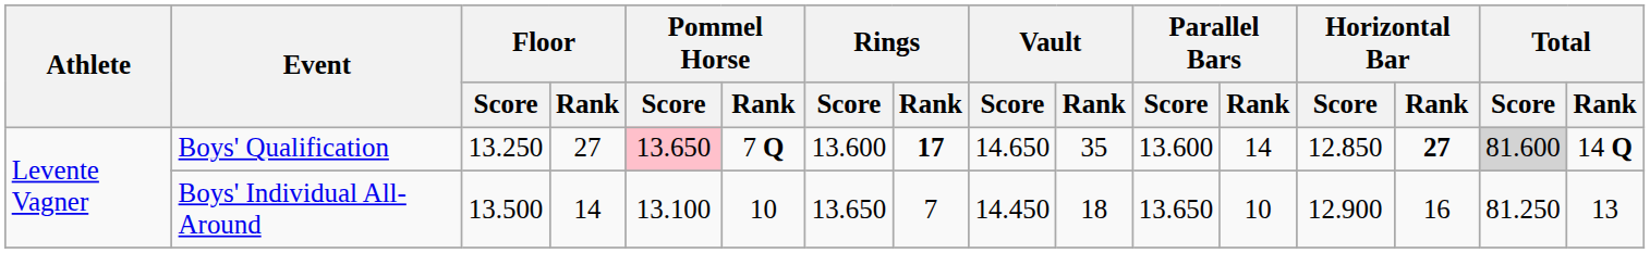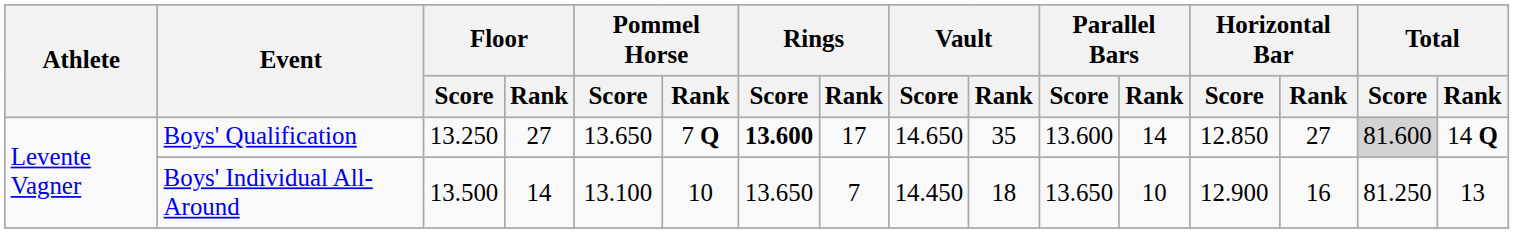 <table class="wikitable" border="1" style="font-size:90%">
 <tr>
 <th rowspan=2>Athlete</th>
 <th rowspan=2>Event</th>
 <th colspan=2>Floor</th>
 <th colspan=2>Pommel Horse</th>
 <th colspan=2>Rings</th>
 <th colspan=2>Vault</th>
 <th colspan=2>Parallel Bars</th>
 <th colspan=2>Horizontal Bar</th>
 <th colspan=2>Total</th>
 </tr>
 <tr>
 <th>Score</th>
 <th>Rank</th>
 <th>Score</th>
 <th>Rank</th>
 <th>Score</th>
 <th>Rank</th>
 <th>Score</th>
 <th>Rank</th>
 <th>Score</th>
 <th>Rank</th>
 <th>Score</th>
 <th>Rank</th>
 <th>Score</th>
 <th>Rank</th>
 </tr>
 <tr>
 <td rowspan=2><a href='#'>Levente Vagner</a></td>
 <td><a href='#'>Boys' Qualification</a></td>
 <td align=center>13.250</td>
 <td align=center>27</td>
-<td align=center style="background: pink;">13.650</td>
+<td align=center>13.650</td>
 <td align=center>7 <strong>Q</strong></td>
-<td align=center>13.600</td>
-<td align=center><strong>17</strong></td>
+<td align=center><strong>13.600</strong></td>
+<td align=center>17</td>
 <td align=center>14.650</td>
 <td align=center>35</td>
 <td align=center>13.600</td>
 <td align=center>14</td>
 <td align=center>12.850</td>
-<td align=center><strong>27</strong></td>
+<td align=center>27</td>
 <td align=center style="background: lightgrey;">81.600</td>
 <td align=center>14 <strong>Q</strong></td>
 </tr>
 <tr>
 <td><a href='#'>Boys' Individual All-Around</a></td>
 <td align=center>13.500</td>
 <td align=center>14</td>
 <td align=center>13.100</td>
 <td align=center>10</td>
 <td align=center>13.650</td>
 <td align=center>7</td>
 <td align=center>14.450</td>
 <td align=center>18</td>
 <td align=center>13.650</td>
 <td align=center>10</td>
 <td align=center>12.900</td>
 <td align=center>16</td>
 <td align=center>81.250</td>
 <td align=center>13</td>
 </tr>
 </table>
